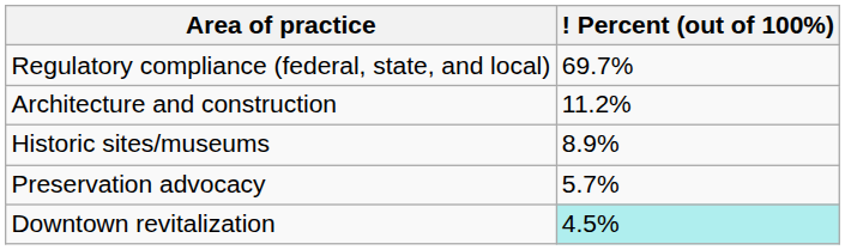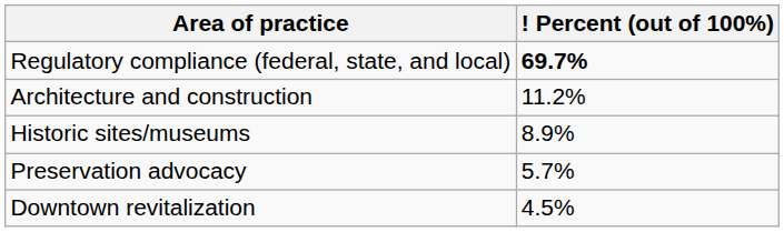 <table class="wikitable">
 <tr>
 <th>Area of practice</th>
 <th>! Percent (out of 100%)</th>
 </tr>
 <tr>
 <td>Regulatory compliance (federal, state, and local)</td>
-<td>69.7%</td>
+<td><strong>69.7%</strong></td>
 </tr>
 <tr>
 <td>Architecture and construction</td>
 <td>11.2%</td>
 </tr>
 <tr>
 <td>Historic sites/museums</td>
 <td>8.9%</td>
 </tr>
 <tr>
 <td>Preservation advocacy</td>
 <td>5.7%</td>
 </tr>
 <tr>
 <td>Downtown revitalization</td>
-<td style="background: paleturquoise;">4.5%</td>
+<td>4.5%</td>
 </tr>
 </table>
